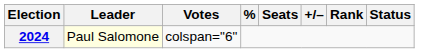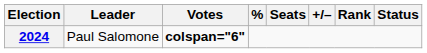 <table class="wikitable" style="text-align:right">
 <tr>
 <th>Election</th>
 <th>Leader</th>
 <th>Votes</th>
 <th>%</th>
 <th>Seats</th>
 <th>+/–</th>
 <th>Rank</th>
 <th>Status</th>
 </tr>
 <tr>
 <th><a href='#'>2024</a></th>
-<td align="left" style="background: lightyellow;">Paul Salomone</td>
-<td>colspan="6" </td>
+<td align="left">Paul Salomone</td>
+<td><strong>colspan="6" </strong></td>
 </tr>
 </table>
